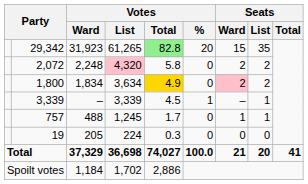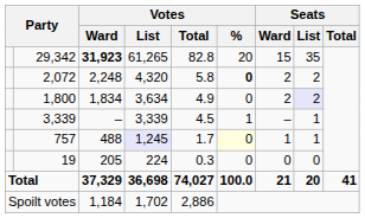 <table class=wikitable style="text-align:right">
 <tr>
 <th rowspan="2" colspan="2">Party</th>
 <th colspan="4" align="center">Votes</th>
 <th colspan="3" align="center">Seats</th>
 </tr>
 <tr>
 <th>Ward</th>
 <th>List</th>
 <th>Total</th>
 <th>%</th>
 <th>Ward</th>
 <th>List</th>
 <th>Total</th>
 </tr>
 <tr>
 <td></td>
 <td>29,342</td>
-<td>31,923</td>
+<td><strong>31,923</strong></td>
 <td>61,265</td>
-<td style="background: lightgreen;">82.8</td>
+<td>82.8</td>
 <td>20</td>
 <td>15</td>
 <td>35</td>
 </tr>
 <tr>
 <td></td>
 <td>2,072</td>
 <td>2,248</td>
-<td style="background: pink;">4,320</td>
+<td>4,320</td>
 <td>5.8</td>
-<td>0</td>
+<td><strong>0</strong></td>
 <td>2</td>
 <td>2</td>
 </tr>
 <tr>
 <td></td>
 <td>1,800</td>
 <td>1,834</td>
 <td>3,634</td>
-<td style="background: gold;">4.9</td>
+<td>4.9</td>
 <td>0</td>
-<td style="background: pink;">2</td>
 <td>2</td>
+<td style="background: lavender;">2</td>
 </tr>
 <tr>
 <td></td>
 <td>3,339</td>
 <td>–</td>
 <td>3,339</td>
 <td>4.5</td>
 <td>1</td>
 <td>–</td>
 <td>1</td>
 </tr>
 <tr>
 <td></td>
 <td>757</td>
 <td>488</td>
-<td>1,245</td>
+<td style="background: lavender;">1,245</td>
 <td>1.7</td>
-<td>0</td>
+<td style="background: lightyellow;">0</td>
 <td>1</td>
 <td>1</td>
 </tr>
 <tr>
 <td></td>
 <td>19</td>
 <td>205</td>
 <td>224</td>
 <td>0.3</td>
 <td>0</td>
 <td>0</td>
 <td>0</td>
 </tr>
 <tr>
 <td colspan="2" style="text-align:left"><strong>Total</strong></td>
 <td><strong>37,329</strong></td>
 <td><strong>36,698</strong></td>
 <td><strong>74,027</strong></td>
 <td><strong>100.0</strong></td>
 <td><strong>21</strong></td>
 <td><strong>20</strong></td>
 <td><strong>41</strong></td>
 </tr>
 <tr>
 <td colspan="2" style="text-align:left">Spoilt votes</td>
 <td>1,184</td>
 <td>1,702</td>
 <td>2,886</td>
 </tr>
 </table>
